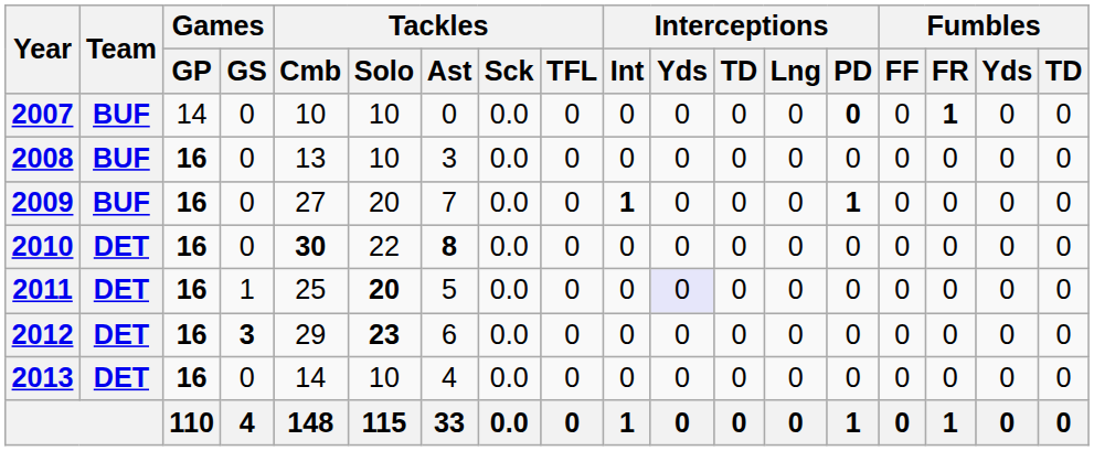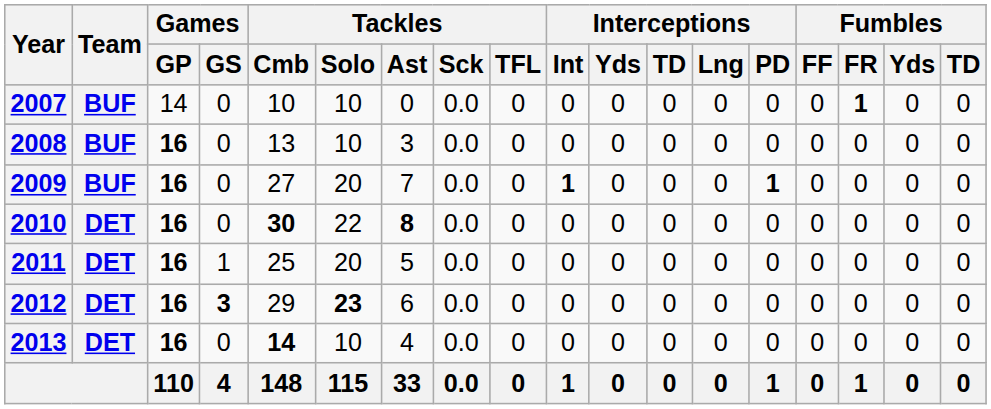 <table class="wikitable" style="text-align:center">
 <tr>
 <th rowspan="2">Year</th>
 <th rowspan="2">Team</th>
 <th colspan="2">Games</th>
 <th colspan="5">Tackles</th>
 <th colspan="5">Interceptions</th>
 <th colspan="4">Fumbles</th>
 </tr>
 <tr>
 <th>GP</th>
 <th>GS</th>
 <th>Cmb</th>
 <th>Solo</th>
 <th>Ast</th>
 <th>Sck</th>
 <th>TFL</th>
 <th>Int</th>
 <th>Yds</th>
 <th>TD</th>
 <th>Lng</th>
 <th>PD</th>
 <th>FF</th>
 <th>FR</th>
 <th>Yds</th>
 <th>TD</th>
 </tr>
 <tr>
 <th><a href='#'>2007</a></th>
 <th><a href='#'>BUF</a></th>
 <td>14</td>
 <td>0</td>
 <td>10</td>
 <td>10</td>
 <td>0</td>
 <td>0.0</td>
 <td>0</td>
 <td>0</td>
 <td>0</td>
 <td>0</td>
 <td>0</td>
-<td><strong>0</strong></td>
+<td>0</td>
 <td>0</td>
 <td><strong>1</strong></td>
 <td>0</td>
 <td>0</td>
 </tr>
 <tr>
 <th><a href='#'>2008</a></th>
 <th><a href='#'>BUF</a></th>
 <td><strong>16</strong></td>
 <td>0</td>
 <td>13</td>
 <td>10</td>
 <td>3</td>
 <td>0.0</td>
 <td>0</td>
 <td>0</td>
 <td>0</td>
 <td>0</td>
 <td>0</td>
 <td>0</td>
 <td>0</td>
 <td>0</td>
 <td>0</td>
 <td>0</td>
 </tr>
 <tr>
 <th><a href='#'>2009</a></th>
 <th><a href='#'>BUF</a></th>
 <td><strong>16</strong></td>
 <td>0</td>
 <td>27</td>
 <td>20</td>
 <td>7</td>
 <td>0.0</td>
 <td>0</td>
 <td><strong>1</strong></td>
 <td>0</td>
 <td>0</td>
 <td>0</td>
 <td><strong>1</strong></td>
 <td>0</td>
 <td>0</td>
 <td>0</td>
 <td>0</td>
 </tr>
 <tr>
 <th><a href='#'>2010</a></th>
 <th><a href='#'>DET</a></th>
 <td><strong>16</strong></td>
 <td>0</td>
 <td><strong>30</strong></td>
 <td>22</td>
 <td><strong>8</strong></td>
 <td>0.0</td>
 <td>0</td>
 <td>0</td>
 <td>0</td>
 <td>0</td>
 <td>0</td>
 <td>0</td>
 <td>0</td>
 <td>0</td>
 <td>0</td>
 <td>0</td>
 </tr>
 <tr>
 <th><a href='#'>2011</a></th>
 <th><a href='#'>DET</a></th>
 <td><strong>16</strong></td>
 <td>1</td>
 <td>25</td>
-<td><strong>20</strong></td>
+<td>20</td>
 <td>5</td>
 <td>0.0</td>
 <td>0</td>
 <td>0</td>
-<td style="background: lavender;">0</td>
+<td>0</td>
 <td>0</td>
 <td>0</td>
 <td>0</td>
 <td>0</td>
 <td>0</td>
 <td>0</td>
 <td>0</td>
 </tr>
 <tr>
 <th><a href='#'>2012</a></th>
 <th><a href='#'>DET</a></th>
 <td><strong>16</strong></td>
 <td><strong>3</strong></td>
 <td>29</td>
 <td><strong>23</strong></td>
 <td>6</td>
 <td>0.0</td>
 <td>0</td>
 <td>0</td>
 <td>0</td>
 <td>0</td>
 <td>0</td>
 <td>0</td>
 <td>0</td>
 <td>0</td>
 <td>0</td>
 <td>0</td>
 </tr>
 <tr>
 <th><a href='#'>2013</a></th>
 <th><a href='#'>DET</a></th>
 <td><strong>16</strong></td>
 <td>0</td>
-<td>14</td>
+<td><strong>14</strong></td>
 <td>10</td>
 <td>4</td>
 <td>0.0</td>
 <td>0</td>
 <td>0</td>
 <td>0</td>
 <td>0</td>
 <td>0</td>
 <td>0</td>
 <td>0</td>
 <td>0</td>
 <td>0</td>
 <td>0</td>
 </tr>
 <tr>
 <th colspan="2"></th>
 <th>110</th>
 <th>4</th>
 <th>148</th>
 <th>115</th>
 <th>33</th>
 <th>0.0</th>
 <th>0</th>
 <th>1</th>
 <th>0</th>
 <th>0</th>
 <th>0</th>
 <th>1</th>
 <th>0</th>
 <th>1</th>
 <th>0</th>
 <th>0</th>
 </tr>
 </table>
